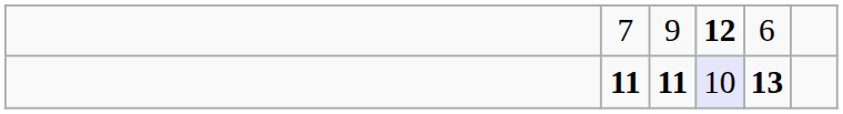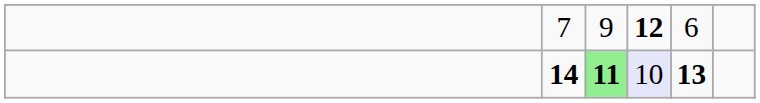 <table class="wikitable">
 <tr>
 <td style="width:18em"></td>
 <td align=center style="width:1em">7</td>
 <td align=center style="width:1em">9</td>
 <td align=center style="width:1em"><strong>12</strong></td>
 <td align=center style="width:1em">6</td>
 <td align=center style="width:1em"></td>
 </tr>
 <tr>
 <td style="width:18em"><strong></strong></td>
-<td align=center style="width:1em"><strong>11</strong></td>
-<td align=center style="width:1em"><strong>11</strong></td>
+<td align=center style="width:1em"><strong>14</strong></td>
+<td align=center style="background: lightgreen; width:1em"><strong>11</strong></td>
 <td align=center style="background: lavender; width:1em">10</td>
 <td align=center style="width:1em"><strong>13</strong></td>
 <td align=center style="width:1em"></td>
 </tr>
 </table>
